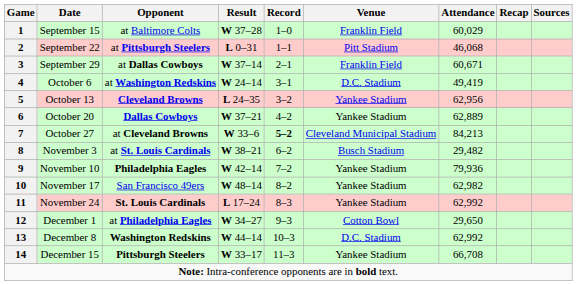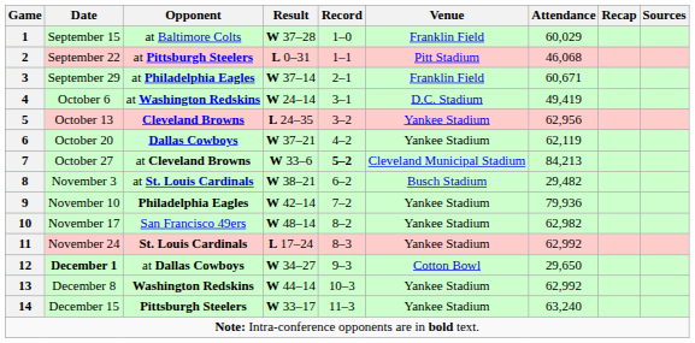 <table class="wikitable" style="text-align:center">
 <tr>
 <th>Game</th>
 <th>Date</th>
 <th>Opponent</th>
 <th>Result</th>
 <th>Record</th>
 <th>Venue</th>
 <th>Attendance</th>
 <th>Recap</th>
 <th>Sources</th>
 </tr>
 <tr style="background:#cfc">
 <th>1</th>
 <td>September 15</td>
 <td>at <a href='#'>Baltimore Colts</a></td>
 <td><strong>W</strong> 37–28</td>
 <td>1–0</td>
 <td><a href='#'>Franklin Field</a></td>
 <td>60,029</td>
 <td></td>
 <td></td>
 </tr>
 <tr style="background:#fcc">
 <th>2</th>
 <td>September 22</td>
 <td>at <strong><a href='#'>Pittsburgh Steelers</a></strong></td>
 <td><strong>L</strong> 0–31</td>
 <td>1–1</td>
 <td><a href='#'>Pitt Stadium</a></td>
 <td>46,068</td>
 <td></td>
 <td></td>
 </tr>
 <tr style="background:#cfc">
 <th>3</th>
 <td>September 29</td>
-<td>at <strong>Dallas Cowboys</strong></td>
+<td>at <strong><a href='#'>Philadelphia Eagles</a></strong></td>
 <td><strong>W</strong> 37–14</td>
 <td>2–1</td>
 <td><a href='#'>Franklin Field</a></td>
 <td>60,671</td>
 <td></td>
 <td></td>
 </tr>
 <tr style="background:#cfc">
 <th>4</th>
 <td>October 6</td>
 <td>at <strong><a href='#'>Washington Redskins</a></strong></td>
 <td><strong>W</strong> 24–14</td>
 <td>3–1</td>
 <td><a href='#'>D.C. Stadium</a></td>
 <td>49,419</td>
 <td></td>
 <td></td>
 </tr>
 <tr style="background:#fcc">
 <th>5</th>
 <td>October 13</td>
 <td><strong><a href='#'>Cleveland Browns</a></strong></td>
 <td><strong>L</strong> 24–35</td>
 <td>3–2</td>
 <td><a href='#'>Yankee Stadium</a></td>
 <td>62,956</td>
 <td></td>
 <td></td>
 </tr>
 <tr style="background:#cfc">
 <th>6</th>
 <td>October 20</td>
 <td><strong><a href='#'>Dallas Cowboys</a></strong></td>
 <td><strong>W</strong> 37–21</td>
 <td>4–2</td>
 <td>Yankee Stadium</td>
-<td>62,889</td>
+<td>62,119</td>
 <td></td>
 <td></td>
 </tr>
 <tr style="background:#cfc">
 <th>7</th>
 <td>October 27</td>
 <td>at <strong>Cleveland Browns</strong></td>
 <td><strong>W</strong> 33–6</td>
 <td><strong>5–2</strong></td>
 <td><a href='#'>Cleveland Municipal Stadium</a></td>
 <td>84,213</td>
 <td></td>
 <td></td>
 </tr>
 <tr style="background:#cfc">
 <th>8</th>
 <td>November 3</td>
 <td>at <strong><a href='#'>St. Louis Cardinals</a></strong></td>
 <td><strong>W</strong> 38–21</td>
 <td>6–2</td>
 <td><a href='#'>Busch Stadium</a></td>
 <td>29,482</td>
 <td></td>
 <td></td>
 </tr>
 <tr style="background:#cfc">
 <th>9</th>
 <td>November 10</td>
 <td><strong>Philadelphia Eagles</strong></td>
 <td><strong>W</strong> 42–14</td>
 <td>7–2</td>
 <td>Yankee Stadium</td>
 <td>79,936</td>
 <td></td>
 <td></td>
 </tr>
 <tr style="background:#cfc">
 <th>10</th>
 <td>November 17</td>
 <td><a href='#'>San Francisco 49ers</a></td>
 <td><strong>W</strong> 48–14</td>
 <td>8–2</td>
 <td>Yankee Stadium</td>
 <td>62,982</td>
 <td></td>
 <td></td>
 </tr>
 <tr style="background:#fcc">
 <th>11</th>
 <td>November 24</td>
 <td><strong>St. Louis Cardinals</strong></td>
 <td><strong>L</strong> 17–24</td>
 <td>8–3</td>
 <td>Yankee Stadium</td>
 <td>62,992</td>
 <td></td>
 <td></td>
 </tr>
 <tr style="background:#cfc">
 <th>12</th>
-<td>December 1</td>
-<td>at <strong><a href='#'>Philadelphia Eagles</a></strong></td>
+<td><strong>December 1</strong></td>
+<td>at <strong>Dallas Cowboys</strong></td>
 <td><strong>W</strong> 34–27</td>
 <td>9–3</td>
 <td><a href='#'>Cotton Bowl</a></td>
 <td>29,650</td>
 <td></td>
 <td></td>
 </tr>
 <tr style="background:#cfc">
 <th>13</th>
 <td>December 8</td>
 <td><strong>Washington Redskins</strong></td>
 <td><strong>W</strong> 44–14</td>
 <td>10–3</td>
-<td><a href='#'>D.C. Stadium</a></td>
+<td>Yankee Stadium</td>
 <td>62,992</td>
 <td></td>
 <td></td>
 </tr>
 <tr style="background:#cfc">
 <th>14</th>
 <td>December 15</td>
 <td><strong>Pittsburgh Steelers</strong></td>
 <td><strong>W</strong> 33–17</td>
 <td>11–3</td>
 <td>Yankee Stadium</td>
-<td>66,708</td>
+<td>63,240</td>
 <td></td>
 <td></td>
 </tr>
 <tr>
 <td colspan="10"><strong>Note:</strong> Intra-conference opponents are in <strong>bold</strong> text.</td>
 </tr>
 </table>
